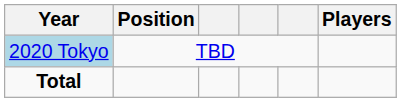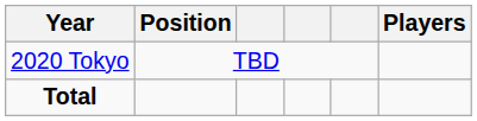 <table class="wikitable" style="text-align: center;">
 <tr>
 <th>Year</th>
 <th>Position</th>
 <th width=25px></th>
 <th width=25px></th>
 <th width=25px></th>
 <th>Players</th>
 </tr>
 <tr>
-<td style="background: lightblue; text-align: left;"> <a href='#'>2020 Tokyo</a></td>
+<td style="text-align: left;"> <a href='#'>2020 Tokyo</a></td>
 <td colspan=4><a href='#'>TBD</a></td>
 <td></td>
 </tr>
 <tr>
 <td><strong>Total</strong></td>
 <td></td>
 <td></td>
 <td></td>
 <td></td>
 <td></td>
 </tr>
 </table>
